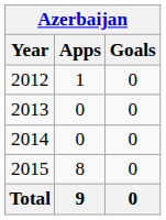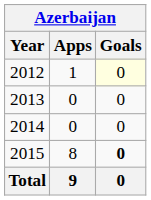 <table class="wikitable" style="text-align:center">
 <tr>
 <th colspan=3><a href='#'>Azerbaijan</a></th>
 </tr>
 <tr>
 <th>Year</th>
 <th>Apps</th>
 <th>Goals</th>
 </tr>
 <tr>
 <td>2012</td>
 <td>1</td>
-<td>0</td>
+<td style="background: lightyellow;">0</td>
 </tr>
 <tr>
 <td>2013</td>
 <td>0</td>
 <td>0</td>
 </tr>
 <tr>
 <td>2014</td>
 <td>0</td>
 <td>0</td>
 </tr>
 <tr>
 <td>2015</td>
 <td>8</td>
-<td>0</td>
+<td><strong>0</strong></td>
 </tr>
 <tr>
 <th>Total</th>
 <th>9</th>
 <th>0</th>
 </tr>
 </table>
